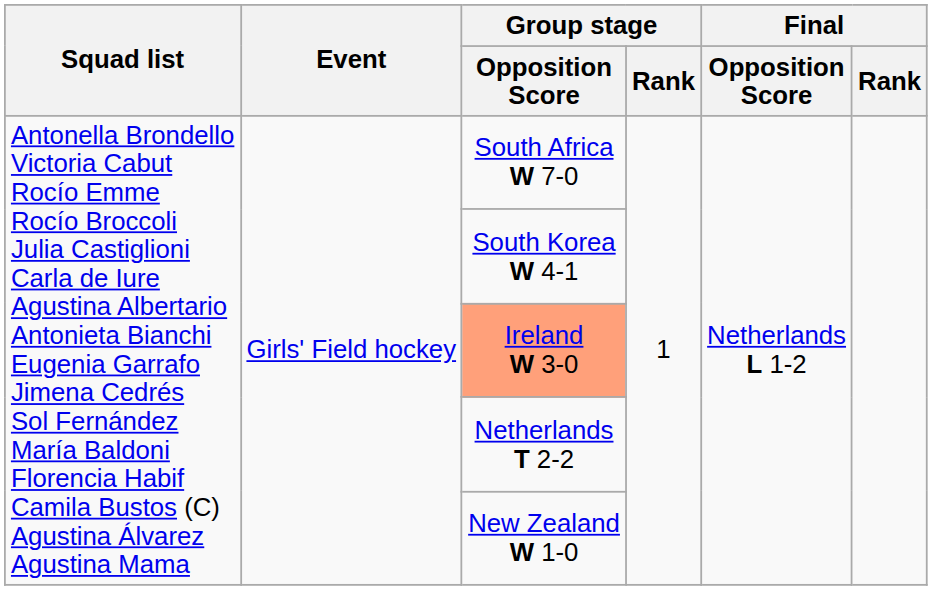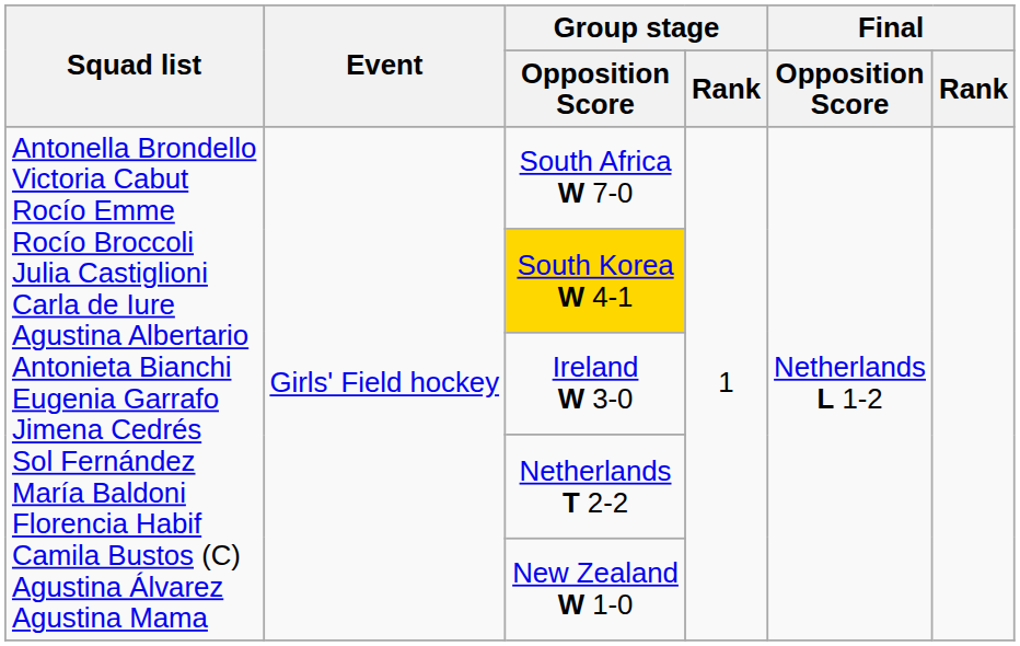 <table class=wikitable style="font-size:90%">
 <tr>
 <th rowspan=2>Squad list</th>
 <th rowspan=2>Event</th>
 <th colspan=2>Group stage</th>
 <th colspan=2>Final</th>
 </tr>
 <tr>
 <th>Opposition<br>Score</th>
 <th>Rank</th>
 <th>Opposition<br>Score</th>
 <th>Rank</th>
 </tr>
 <tr>
 <td rowspan=5><a href='#'>Antonella Brondello</a><br><a href='#'>Victoria Cabut</a><br><a href='#'>Rocío Emme</a><br><a href='#'>Rocío Broccoli</a><br><a href='#'>Julia Castiglioni</a><br><a href='#'>Carla de Iure</a><br><a href='#'>Agustina Albertario</a><br><a href='#'>Antonieta Bianchi</a><br><a href='#'>Eugenia Garrafo</a><br><a href='#'>Jimena Cedrés</a><br><a href='#'>Sol Fernández</a><br><a href='#'>María Baldoni</a><br><a href='#'>Florencia Habif</a><br><a href='#'>Camila Bustos</a> (C)<br><a href='#'>Agustina Álvarez</a><br><a href='#'>Agustina Mama</a></td>
 <td rowspan=5><a href='#'>Girls' Field hockey</a></td>
 <td align=center> <a href='#'>South Africa</a><br> <strong>W</strong> 7-0</td>
 <td rowspan=5 align=center>1</td>
 <td rowspan=5 align=center> <a href='#'>Netherlands</a><br> <strong>L</strong> 1-2</td>
 <td rowspan=5 align=center></td>
 </tr>
 <tr>
-<td align=center> <a href='#'>South Korea</a><br> <strong>W</strong> 4-1</td>
+<td align=center style="background: gold;"> <a href='#'>South Korea</a><br> <strong>W</strong> 4-1</td>
 </tr>
 <tr>
-<td align=center style="background: lightsalmon;"> <a href='#'>Ireland</a><br> <strong>W</strong> 3-0</td>
+<td align=center> <a href='#'>Ireland</a><br> <strong>W</strong> 3-0</td>
 </tr>
 <tr>
 <td align=center> <a href='#'>Netherlands</a><br> <strong>T</strong> 2-2</td>
 </tr>
 <tr>
 <td align=center> <a href='#'>New Zealand</a><br> <strong>W</strong> 1-0</td>
 </tr>
 </table>
